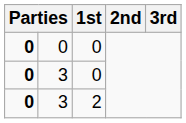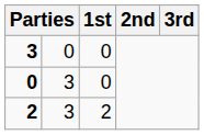 <table class="wikitable" style="text-align:right;">
 <tr>
 <th colspan=2 style="text-align:left;">Parties</th>
 <th>1st</th>
 <th>2nd</th>
 <th>3rd</th>
 </tr>
 <tr>
-<td><strong>0</strong></td>
+<td><strong>3</strong></td>
 <td>0</td>
 <td>0</td>
 </tr>
 <tr>
 <td><strong>0</strong></td>
 <td>3</td>
 <td>0</td>
 </tr>
 <tr>
-<td><strong>0</strong></td>
+<td><strong>2</strong></td>
 <td>3</td>
 <td>2</td>
 </tr>
 </table>
